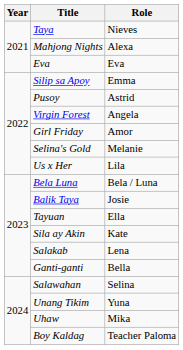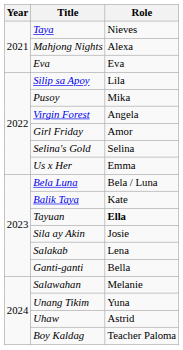 <table class="wikitable sortable">
 <tr>
 <th>Year</th>
 <th>Title</th>
 <th>Role</th>
 </tr>
 <tr>
 <td rowspan="3">2021</td>
 <td><em><a href='#'>Taya</a></em></td>
 <td>Nieves</td>
 </tr>
 <tr>
 <td><em>Mahjong Nights</em></td>
 <td>Alexa</td>
 </tr>
 <tr>
 <td><em>Eva</em></td>
 <td>Eva</td>
 </tr>
 <tr>
 <td rowspan="6">2022</td>
 <td><em><a href='#'>Silip sa Apoy</a></em></td>
-<td>Emma</td>
+<td>Lila</td>
 </tr>
 <tr>
 <td><em>Pusoy</em></td>
-<td>Astrid</td>
+<td>Mika</td>
 </tr>
 <tr>
 <td><em><a href='#'>Virgin Forest</a></em></td>
 <td>Angela</td>
 </tr>
 <tr>
 <td><em>Girl Friday</em></td>
 <td>Amor</td>
 </tr>
 <tr>
 <td><em>Selina's Gold</em></td>
-<td>Melanie</td>
+<td>Selina</td>
 </tr>
 <tr>
 <td><em>Us x Her</em></td>
-<td>Lila</td>
+<td>Emma</td>
 </tr>
 <tr>
 <td rowspan="6">2023</td>
 <td><em><a href='#'>Bela Luna</a></em></td>
 <td>Bela / Luna</td>
 </tr>
 <tr>
 <td><em><a href='#'>Balik Taya</a></em></td>
-<td>Josie</td>
+<td>Kate</td>
 </tr>
 <tr>
 <td><em>Tayuan</em></td>
-<td>Ella</td>
+<td><strong>Ella</strong></td>
 </tr>
 <tr>
 <td><em>Sila ay Akin</em></td>
-<td>Kate</td>
+<td>Josie</td>
 </tr>
 <tr>
 <td><em>Salakab</em></td>
 <td>Lena</td>
 </tr>
 <tr>
 <td><em>Ganti-ganti</em></td>
 <td>Bella</td>
 </tr>
 <tr>
 <td rowspan="4">2024</td>
 <td><em>Salawahan</em></td>
-<td>Selina</td>
+<td>Melanie</td>
 </tr>
 <tr>
 <td><em>Unang Tikim</em></td>
 <td>Yuna</td>
 </tr>
 <tr>
 <td><em>Uhaw</em></td>
-<td>Mika</td>
+<td>Astrid</td>
 </tr>
 <tr>
 <td><em>Boy Kaldag</em></td>
 <td>Teacher Paloma</td>
 </tr>
 </table>
